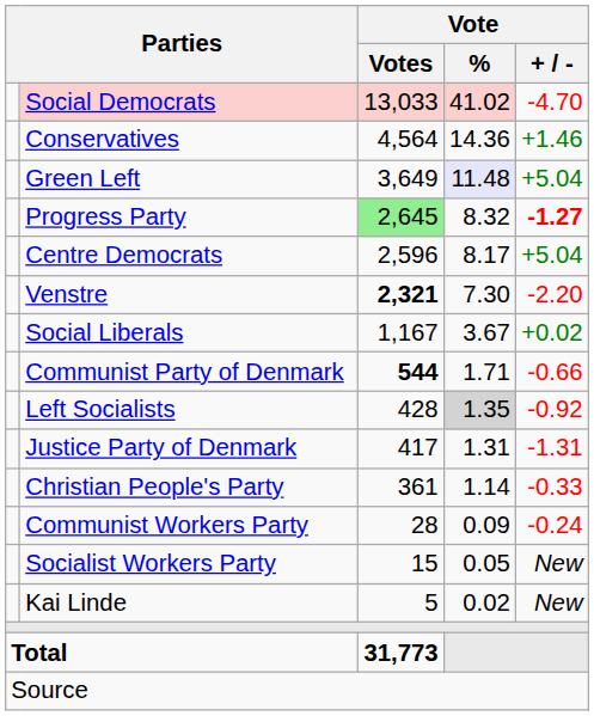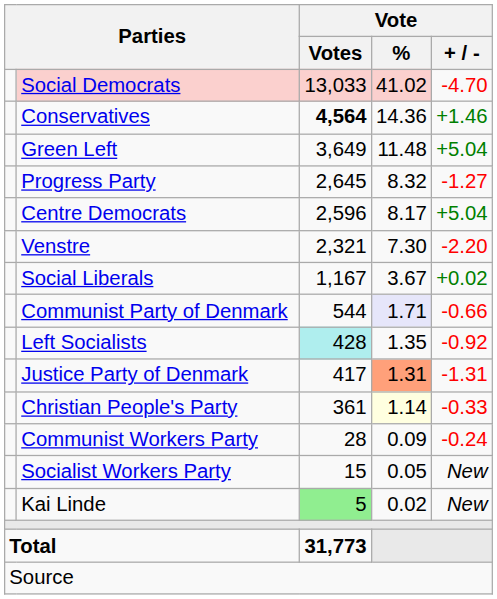 <table class="wikitable" style="text-align:right;">
 <tr>
 <th style="text-align:centre;" rowspan="2" colspan="2" width="225">Parties</th>
 <th colspan="3">Vote</th>
 </tr>
 <tr>
 <th width="15">Votes</th>
 <th width="15">%</th>
 <th width="15">+ / -</th>
 </tr>
 <tr>
 <td width="2" style="color:inherit;background:"></td>
 <td bgcolor=#fbd0ce  align="left"><a href='#'>Social Democrats</a></td>
 <td bgcolor=#fbd0ce>13,033</td>
 <td bgcolor=#fbd0ce>41.02</td>
 <td style=color:red;>-4.70</td>
 </tr>
 <tr>
 <td width="2" style="color:inherit;background:"></td>
 <td align="left"><a href='#'>Conservatives</a></td>
-<td>4,564</td>
+<td><strong>4,564</strong></td>
 <td>14.36</td>
 <td style=color:green;>+1.46</td>
 </tr>
 <tr>
 <td width="2" style="color:inherit;background:"></td>
 <td align="left"><a href='#'>Green Left</a></td>
 <td>3,649</td>
-<td style="background: lavender;">11.48</td>
+<td>11.48</td>
 <td style=color:green;>+5.04</td>
 </tr>
 <tr>
 <td width="2" style="color:inherit;background:"></td>
 <td align="left"><a href='#'>Progress Party</a></td>
-<td style="background: lightgreen;">2,645</td>
+<td>2,645</td>
 <td>8.32</td>
-<td style=color:red;><strong>-1.27</strong></td>
+<td style=color:red;>-1.27</td>
 </tr>
 <tr>
 <td width="2" style="color:inherit;background:"></td>
 <td align="left"><a href='#'>Centre Democrats</a></td>
 <td>2,596</td>
 <td>8.17</td>
 <td style=color:green;>+5.04</td>
 </tr>
 <tr>
 <td width="2" style="color:inherit;background:"></td>
 <td align="left"><a href='#'>Venstre</a></td>
-<td><strong>2,321</strong></td>
+<td>2,321</td>
 <td>7.30</td>
 <td style=color:red;>-2.20</td>
 </tr>
 <tr>
 <td width="2" style="color:inherit;background:"></td>
 <td align="left"><a href='#'>Social Liberals</a></td>
 <td>1,167</td>
 <td>3.67</td>
 <td style=color:green;>+0.02</td>
 </tr>
 <tr>
 <td width="2" style="color:inherit;background:"></td>
 <td align="left"><a href='#'>Communist Party of Denmark</a></td>
-<td><strong>544</strong></td>
-<td>1.71</td>
+<td>544</td>
+<td style="background: lavender;">1.71</td>
 <td style=color:red;>-0.66</td>
 </tr>
 <tr>
 <td width="2" style="color:inherit;background:"></td>
 <td align="left"><a href='#'>Left Socialists</a></td>
-<td>428</td>
-<td style="background: lightgrey;">1.35</td>
+<td style="background: paleturquoise;">428</td>
+<td>1.35</td>
 <td style=color:red;>-0.92</td>
 </tr>
 <tr>
 <td width="2" style="color:inherit;background:"></td>
 <td align="left"><a href='#'>Justice Party of Denmark</a></td>
 <td>417</td>
-<td>1.31</td>
+<td style="background: lightsalmon;">1.31</td>
 <td style=color:red;>-1.31</td>
 </tr>
 <tr>
 <td width="2" style="color:inherit;background:"></td>
 <td align="left"><a href='#'>Christian People's Party</a></td>
 <td>361</td>
-<td>1.14</td>
+<td style="background: lightyellow;">1.14</td>
 <td style=color:red;>-0.33</td>
 </tr>
 <tr>
 <td width="2" style="color:inherit;background:"></td>
 <td align="left"><a href='#'>Communist Workers Party</a></td>
 <td>28</td>
 <td>0.09</td>
 <td style=color:red;>-0.24</td>
 </tr>
 <tr>
 <td width="2" style="color:inherit;background:"></td>
 <td align="left"><a href='#'>Socialist Workers Party</a></td>
 <td>15</td>
 <td>0.05</td>
 <td><em>New</em></td>
 </tr>
 <tr>
 <td width="2" style="color:inherit;background:"></td>
 <td align="left">Kai Linde</td>
-<td>5</td>
+<td style="background: lightgreen;">5</td>
 <td>0.02</td>
 <td><em>New</em></td>
 </tr>
 <tr>
 <td colspan="7" bgcolor="#E9E9E9"></td>
 </tr>
 <tr>
 <td align="left" colspan="2"><strong>Total</strong></td>
 <td><strong>31,773</strong></td>
 <td bgcolor="#E9E9E9" colspan="2"></td>
 </tr>
 <tr>
 <td align="left" colspan="6">Source</td>
 </tr>
 </table>
